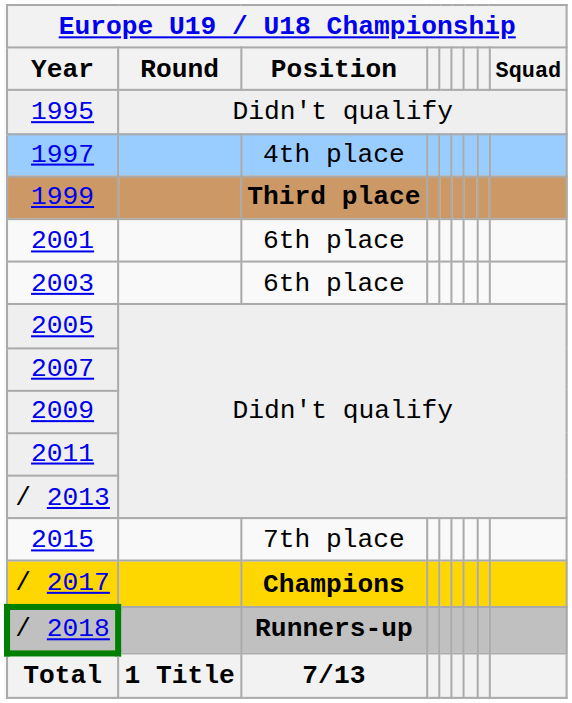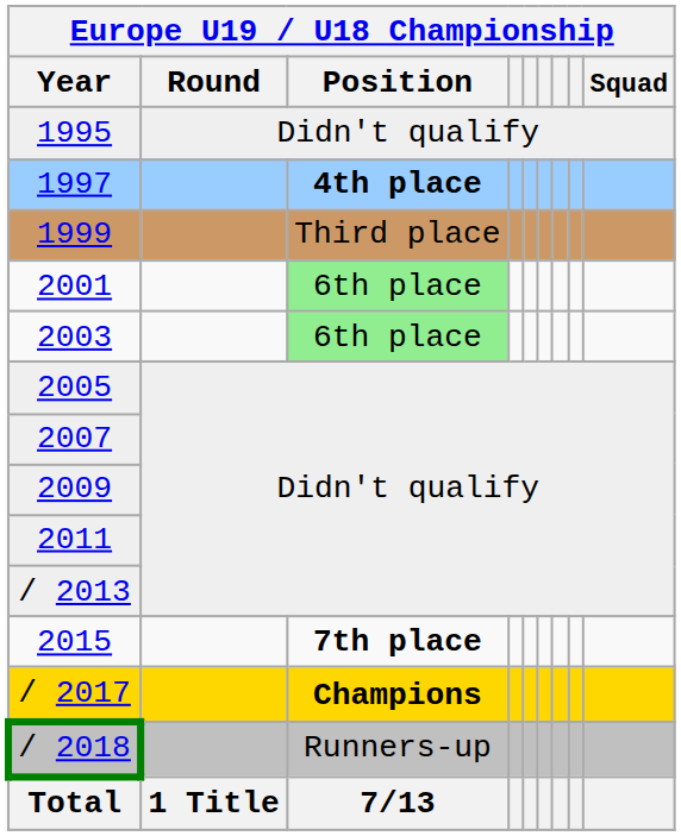 <table class="wikitable" style="text-align: center;">
 <tr>
 <th colspan=9><a href='#'>Europe U19 / U18 Championship</a></th>
 </tr>
 <tr>
 <th>Year</th>
 <th>Round</th>
 <th>Position</th>
 <th></th>
 <th></th>
 <th></th>
 <th></th>
 <th></th>
 <th><small>Squad</small></th>
 </tr>
 <tr bgcolor="efefef">
 <td> <a href='#'>1995</a></td>
 <td colspan=9>Didn't qualify</td>
 </tr>
 <tr bgcolor=9acdff>
 <td> <a href='#'>1997</a></td>
 <td></td>
-<td>4th place</td>
+<td><strong>4th place</strong></td>
 <td></td>
 <td></td>
 <td></td>
 <td></td>
 <td></td>
 <td></td>
 </tr>
 <tr bgcolor=cc9966>
 <td> <a href='#'>1999</a></td>
 <td></td>
-<td><strong>Third place</strong></td>
+<td>Third place</td>
 <td></td>
 <td></td>
 <td></td>
 <td></td>
 <td></td>
 <td></td>
 </tr>
 <tr>
 <td> <a href='#'>2001</a></td>
 <td></td>
-<td>6th place</td>
+<td style="background: lightgreen;">6th place</td>
 <td></td>
 <td></td>
 <td></td>
 <td></td>
 <td></td>
 <td></td>
 </tr>
 <tr>
 <td> <a href='#'>2003</a></td>
 <td></td>
-<td>6th place</td>
+<td style="background: lightgreen;">6th place</td>
 <td></td>
 <td></td>
 <td></td>
 <td></td>
 <td></td>
 <td></td>
 </tr>
 <tr bgcolor="efefef">
 <td> <a href='#'>2005</a></td>
 <td colspan=9 rowspan=5>Didn't qualify</td>
 </tr>
 <tr bgcolor="efefef">
 <td> <a href='#'>2007</a></td>
 </tr>
 <tr bgcolor="efefef">
 <td> <a href='#'>2009</a></td>
 </tr>
 <tr bgcolor="efefef">
 <td> <a href='#'>2011</a></td>
 </tr>
 <tr bgcolor="efefef">
 <td>/ <a href='#'>2013</a></td>
 </tr>
 <tr bgcolor=>
 <td> <a href='#'>2015</a></td>
 <td></td>
-<td>7th place</td>
+<td><strong>7th place</strong></td>
 <td></td>
 <td></td>
 <td></td>
 <td></td>
 <td></td>
 <td></td>
 </tr>
 <tr bgcolor=gold>
 <td>/ <a href='#'>2017</a></td>
 <td></td>
 <td><strong>Champions</strong></td>
 <td></td>
 <td></td>
 <td></td>
 <td></td>
 <td></td>
 <td></td>
 </tr>
 <tr bgcolor=silver>
 <td style="border:3px solid green">/ <a href='#'>2018</a></td>
 <td></td>
-<td><strong>Runners-up</strong></td>
+<td>Runners-up</td>
 <td></td>
 <td></td>
 <td></td>
 <td></td>
 <td></td>
 <td></td>
 </tr>
 <tr>
 <th>Total</th>
 <th>1 Title</th>
 <th>7/13</th>
 <th></th>
 <th></th>
 <th></th>
 <th></th>
 <th></th>
 <th></th>
 </tr>
 </table>
